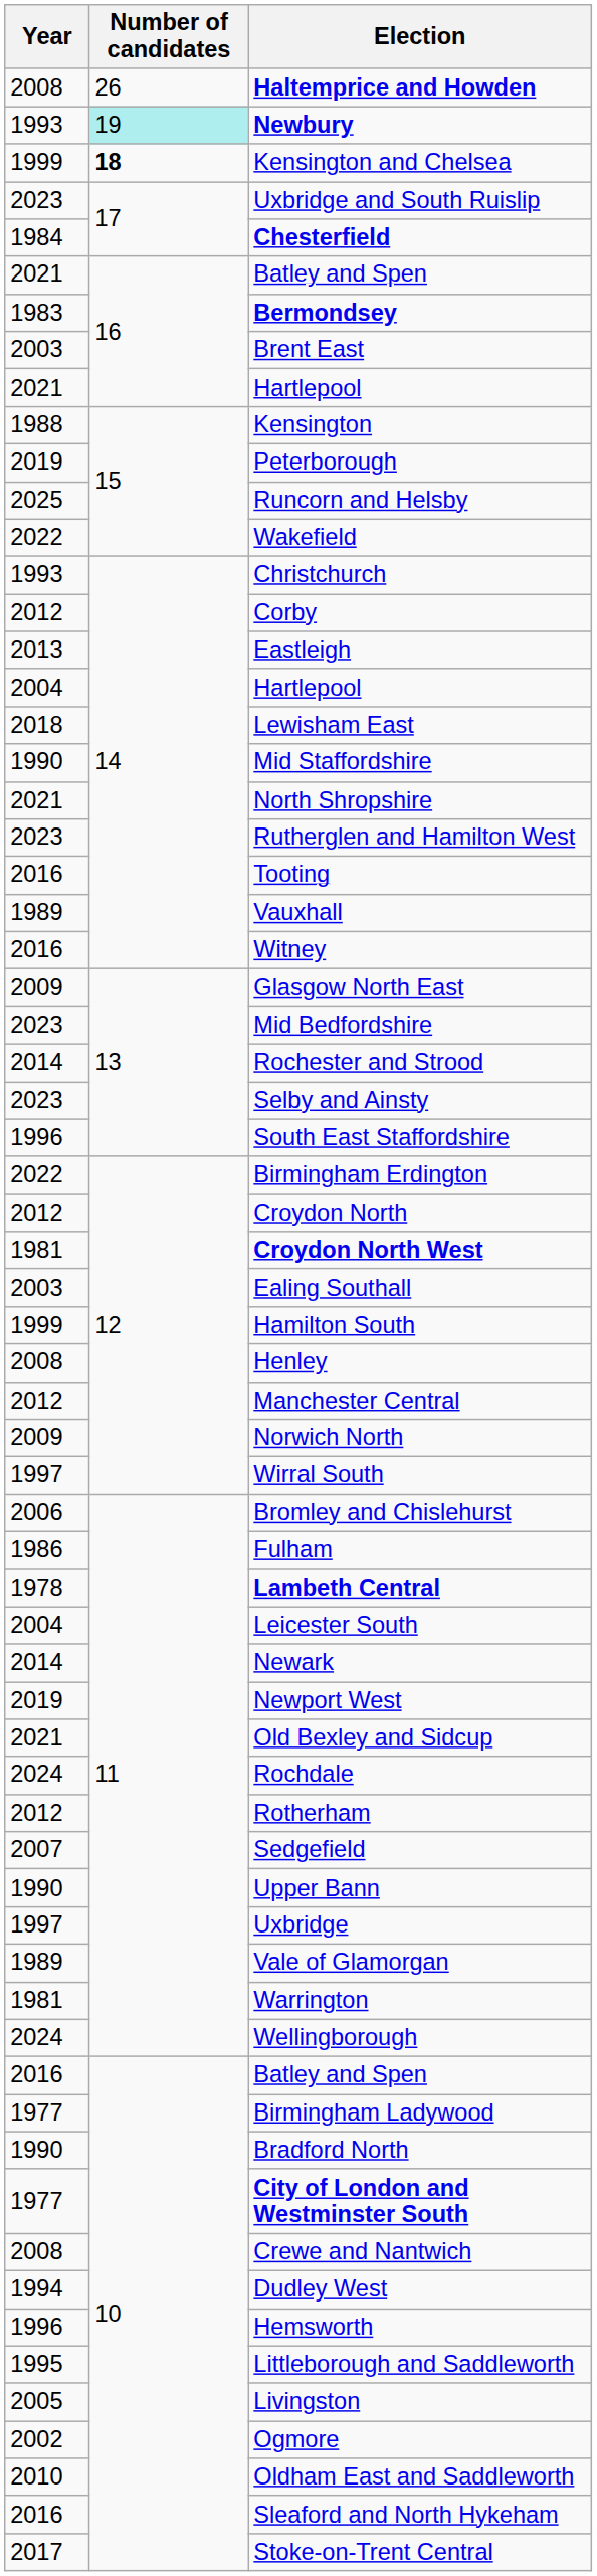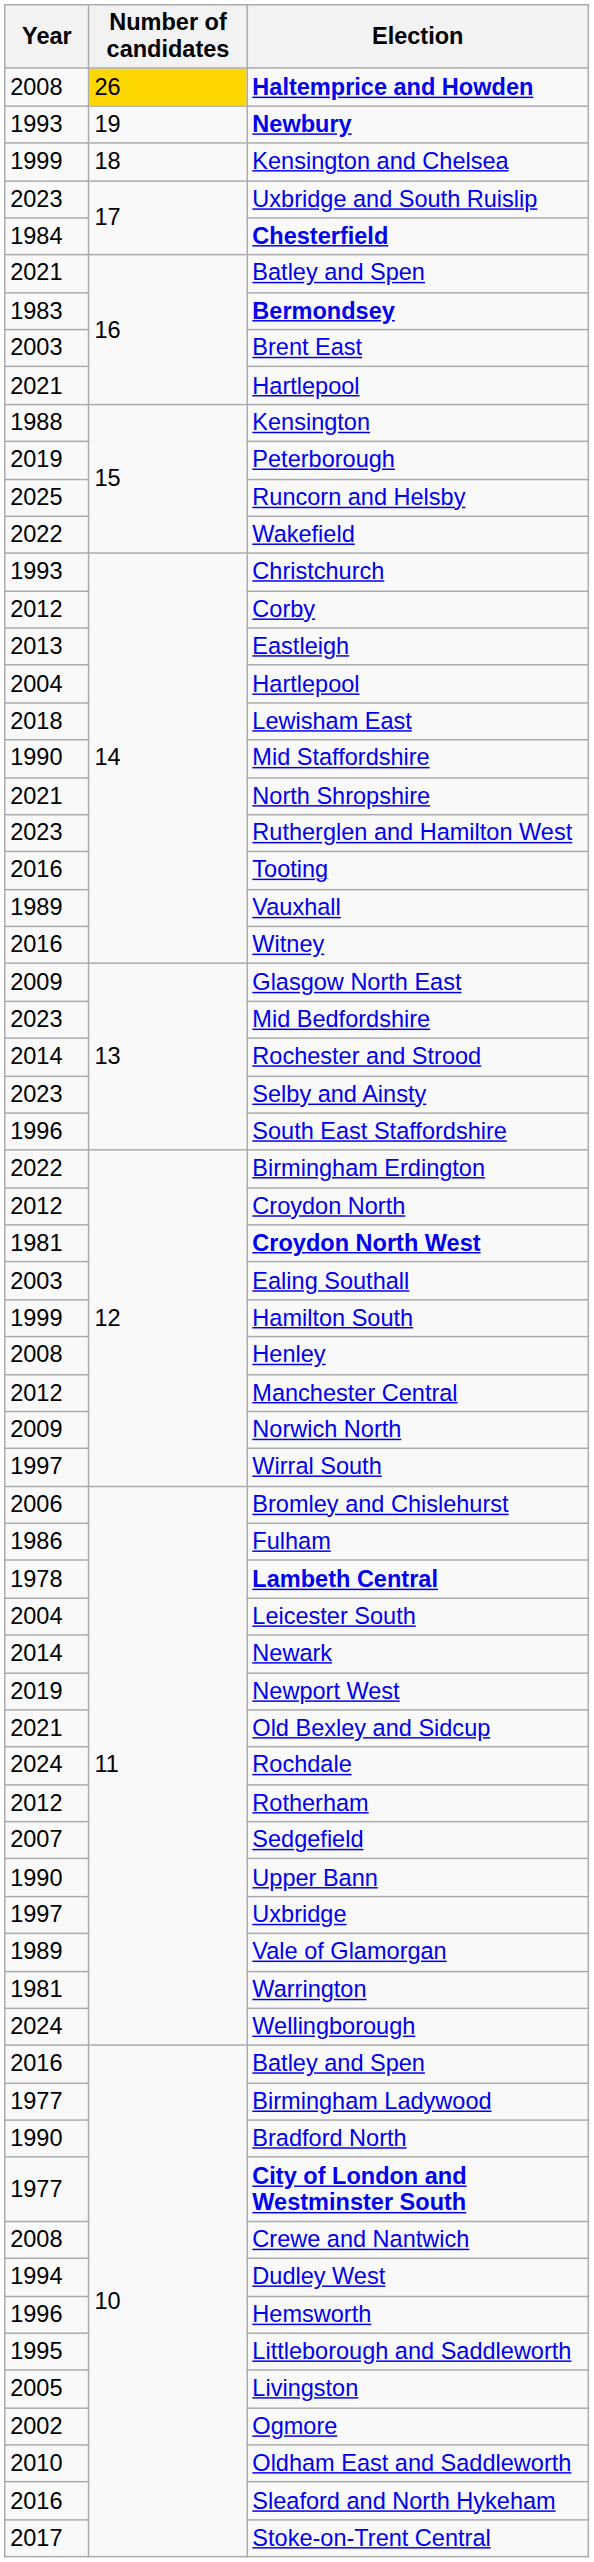 <table class="wikitable">
 <tr>
 <th width="50">Year</th>
 <th style="width:100px;">Number of candidates</th>
 <th style="width:225px;">Election</th>
 </tr>
 <tr>
 <td>2008</td>
-<td>26</td>
+<td style="background: gold;">26</td>
 <td><strong><a href='#'>Haltemprice and Howden</a></strong></td>
 </tr>
 <tr>
 <td>1993</td>
-<td style="background: paleturquoise;">19</td>
+<td>19</td>
 <td><strong><a href='#'>Newbury</a></strong></td>
 </tr>
 <tr>
 <td>1999</td>
-<td><strong>18</strong></td>
+<td>18</td>
 <td><a href='#'>Kensington and Chelsea</a></td>
 </tr>
 <tr>
 <td>2023</td>
 <td rowspan="2">17</td>
 <td><a href='#'>Uxbridge and South Ruislip</a></td>
 </tr>
 <tr>
 <td>1984</td>
 <td><strong><a href='#'>Chesterfield</a></strong></td>
 </tr>
 <tr>
 <td>2021</td>
 <td rowspan="4">16</td>
 <td><a href='#'>Batley and Spen</a></td>
 </tr>
 <tr>
 <td>1983</td>
 <td><strong><a href='#'>Bermondsey</a></strong></td>
 </tr>
 <tr>
 <td>2003</td>
 <td><a href='#'>Brent East</a></td>
 </tr>
 <tr>
 <td>2021</td>
 <td><a href='#'>Hartlepool</a></td>
 </tr>
 <tr>
 <td>1988</td>
 <td rowspan="4">15</td>
 <td><a href='#'>Kensington</a></td>
 </tr>
 <tr>
 <td>2019</td>
 <td><a href='#'>Peterborough</a></td>
 </tr>
 <tr>
 <td>2025</td>
 <td><a href='#'>Runcorn and Helsby</a></td>
 </tr>
 <tr>
 <td>2022</td>
 <td><a href='#'>Wakefield</a></td>
 </tr>
 <tr>
 <td>1993</td>
 <td rowspan="11">14</td>
 <td><a href='#'>Christchurch</a></td>
 </tr>
 <tr>
 <td>2012</td>
 <td><a href='#'>Corby</a></td>
 </tr>
 <tr>
 <td>2013</td>
 <td><a href='#'>Eastleigh</a></td>
 </tr>
 <tr>
 <td>2004</td>
 <td><a href='#'>Hartlepool</a></td>
 </tr>
 <tr>
 <td>2018</td>
 <td><a href='#'>Lewisham East</a></td>
 </tr>
 <tr>
 <td>1990</td>
 <td><a href='#'>Mid Staffordshire</a></td>
 </tr>
 <tr>
 <td>2021</td>
 <td><a href='#'>North Shropshire</a></td>
 </tr>
 <tr>
 <td>2023</td>
 <td><a href='#'>Rutherglen and Hamilton West</a></td>
 </tr>
 <tr>
 <td>2016</td>
 <td><a href='#'>Tooting</a></td>
 </tr>
 <tr>
 <td>1989</td>
 <td><a href='#'>Vauxhall</a></td>
 </tr>
 <tr>
 <td>2016</td>
 <td><a href='#'>Witney</a></td>
 </tr>
 <tr>
 <td>2009</td>
 <td rowspan= "5">13</td>
 <td><a href='#'>Glasgow North East</a></td>
 </tr>
 <tr>
 <td>2023</td>
 <td><a href='#'>Mid Bedfordshire</a></td>
 </tr>
 <tr>
 <td>2014</td>
 <td><a href='#'>Rochester and Strood</a></td>
 </tr>
 <tr>
 <td>2023</td>
 <td><a href='#'>Selby and Ainsty</a></td>
 </tr>
 <tr>
 <td>1996</td>
 <td><a href='#'>South East Staffordshire</a></td>
 </tr>
 <tr>
 <td>2022</td>
 <td rowspan="9">12</td>
 <td><a href='#'>Birmingham Erdington</a></td>
 </tr>
 <tr>
 <td>2012</td>
 <td><a href='#'>Croydon North</a></td>
 </tr>
 <tr>
 <td>1981</td>
 <td><strong><a href='#'>Croydon North West</a></strong></td>
 </tr>
 <tr>
 <td>2003</td>
 <td><a href='#'>Ealing Southall</a></td>
 </tr>
 <tr>
 <td>1999</td>
 <td><a href='#'>Hamilton South</a></td>
 </tr>
 <tr>
 <td>2008</td>
 <td><a href='#'>Henley</a></td>
 </tr>
 <tr>
 <td>2012</td>
 <td><a href='#'>Manchester Central</a></td>
 </tr>
 <tr>
 <td>2009</td>
 <td><a href='#'>Norwich North</a></td>
 </tr>
 <tr>
 <td>1997</td>
 <td><a href='#'>Wirral South</a></td>
 </tr>
 <tr>
 <td>2006</td>
 <td rowspan="15">11</td>
 <td><a href='#'>Bromley and Chislehurst</a></td>
 </tr>
 <tr>
 <td>1986</td>
 <td><a href='#'>Fulham</a></td>
 </tr>
 <tr>
 <td>1978</td>
 <td><strong><a href='#'>Lambeth Central</a></strong></td>
 </tr>
 <tr>
 <td>2004</td>
 <td><a href='#'>Leicester South</a></td>
 </tr>
 <tr>
 <td>2014</td>
 <td><a href='#'>Newark</a></td>
 </tr>
 <tr>
 <td>2019</td>
 <td><a href='#'>Newport West</a></td>
 </tr>
 <tr>
 <td>2021</td>
 <td><a href='#'>Old Bexley and Sidcup</a></td>
 </tr>
 <tr>
 <td>2024</td>
 <td><a href='#'>Rochdale</a></td>
 </tr>
 <tr>
 <td>2012</td>
 <td><a href='#'>Rotherham</a></td>
 </tr>
 <tr>
 <td>2007</td>
 <td><a href='#'>Sedgefield</a></td>
 </tr>
 <tr>
 <td>1990</td>
 <td><a href='#'>Upper Bann</a></td>
 </tr>
 <tr>
 <td>1997</td>
 <td><a href='#'>Uxbridge</a></td>
 </tr>
 <tr>
 <td>1989</td>
 <td><a href='#'>Vale of Glamorgan</a></td>
 </tr>
 <tr>
 <td>1981</td>
 <td><a href='#'>Warrington</a></td>
 </tr>
 <tr>
 <td>2024</td>
 <td><a href='#'>Wellingborough</a></td>
 </tr>
 <tr>
 <td>2016</td>
 <td rowspan="13">10</td>
 <td><a href='#'>Batley and Spen</a></td>
 </tr>
 <tr>
 <td>1977</td>
 <td><a href='#'>Birmingham Ladywood</a></td>
 </tr>
 <tr>
 <td>1990</td>
 <td><a href='#'>Bradford North</a></td>
 </tr>
 <tr>
 <td>1977</td>
 <td><strong><a href='#'>City of London and Westminster South</a></strong></td>
 </tr>
 <tr>
 <td>2008</td>
 <td><a href='#'>Crewe and Nantwich</a></td>
 </tr>
 <tr>
 <td>1994</td>
 <td><a href='#'>Dudley West</a></td>
 </tr>
 <tr>
 <td>1996</td>
 <td><a href='#'>Hemsworth</a></td>
 </tr>
 <tr>
 <td>1995</td>
 <td><a href='#'>Littleborough and Saddleworth</a></td>
 </tr>
 <tr>
 <td>2005</td>
 <td><a href='#'>Livingston</a></td>
 </tr>
 <tr>
 <td>2002</td>
 <td><a href='#'>Ogmore</a></td>
 </tr>
 <tr>
 <td>2010</td>
 <td><a href='#'>Oldham East and Saddleworth</a></td>
 </tr>
 <tr>
 <td>2016</td>
 <td><a href='#'>Sleaford and North Hykeham</a></td>
 </tr>
 <tr>
 <td>2017</td>
 <td><a href='#'>Stoke-on-Trent Central</a></td>
 </tr>
 </table>
